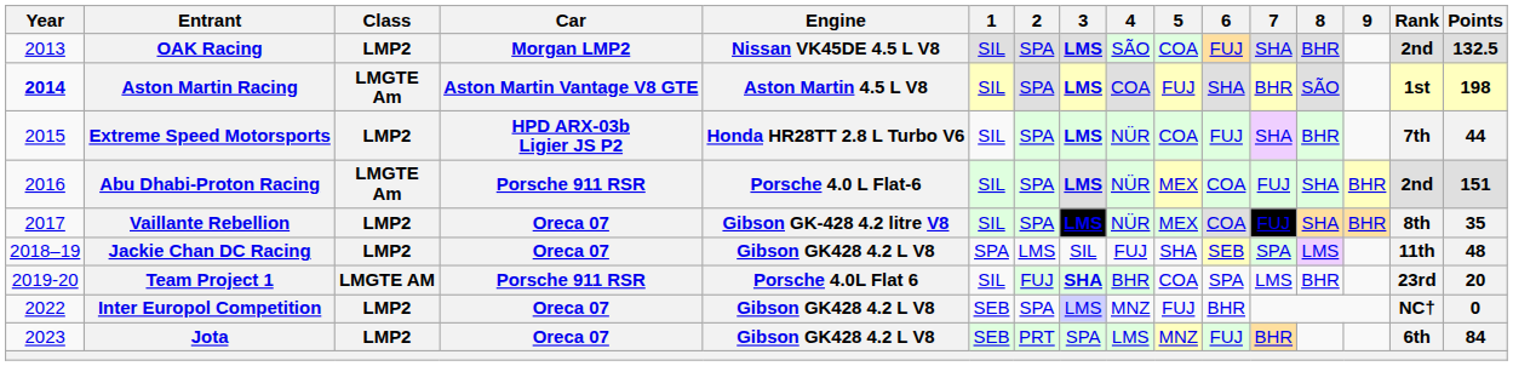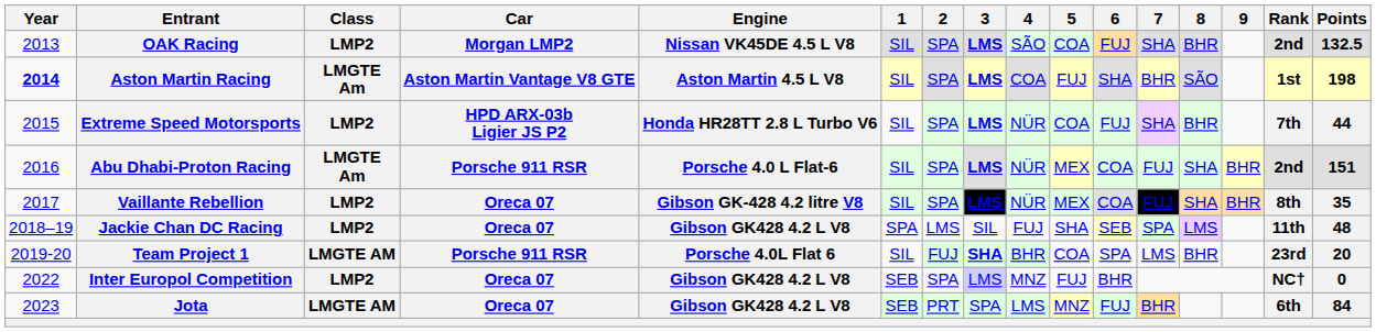 <table class="wikitable" style="text-align:center; font-size:85%">
 <tr>
 <th>Year</th>
 <th>Entrant</th>
 <th>Class</th>
 <th>Car</th>
 <th>Engine</th>
 <th>1</th>
 <th>2</th>
 <th>3</th>
 <th>4</th>
 <th>5</th>
 <th>6</th>
 <th>7</th>
 <th>8</th>
 <th>9</th>
 <th>Rank</th>
 <th>Points</th>
 </tr>
 <tr>
 <td><a href='#'>2013</a></td>
 <th nowrap><a href='#'>OAK Racing</a></th>
 <th>LMP2</th>
 <th nowrap><a href='#'>Morgan LMP2</a></th>
 <th nowrap><a href='#'>Nissan</a> VK45DE 4.5 L V8</th>
 <td style="background:#dfdfdf;"><a href='#'>SIL</a><br></td>
 <td style="background:#dfdfdf;"><a href='#'>SPA</a><br></td>
 <td style="background:#dfdfdf;"><strong><a href='#'>LMS</a></strong><br></td>
 <td style="background:#dfffdf;"><a href='#'>SÃO</a><br></td>
 <td style="background:#dfffdf;"><a href='#'>COA</a><br></td>
 <td style="background:#ffdf9f;"><a href='#'>FUJ</a><br></td>
 <td style="background:#dfdfdf;"><a href='#'>SHA</a><br></td>
 <td style="background:#dfdfdf;"><a href='#'>BHR</a><br></td>
 <td></td>
 <th style="background:#dfdfdf;"><strong>2nd</strong></th>
 <th style="background:#dfdfdf;"><strong>132.5</strong></th>
 </tr>
 <tr>
 <td><strong><a href='#'>2014</a></strong></td>
 <th nowrap><a href='#'>Aston Martin Racing</a></th>
 <th>LMGTE<br>Am</th>
 <th nowrap><a href='#'>Aston Martin Vantage V8 GTE</a></th>
 <th nowrap><a href='#'>Aston Martin</a> 4.5 L V8</th>
 <td style="background:#FFFFBF;"><a href='#'>SIL</a><br></td>
 <td style="background:#dfdfdf;"><a href='#'>SPA</a><br></td>
 <td style="background:#FFFFBF;"><strong><a href='#'>LMS</a></strong><br></td>
 <td style="background:#dfdfdf;"><a href='#'>COA</a><br></td>
 <td style="background:#FFFFBF;"><a href='#'>FUJ</a><br></td>
 <td style="background:#dfdfdf;"><a href='#'>SHA</a><br></td>
 <td style="background:#FFFFBF;"><a href='#'>BHR</a><br></td>
 <td style="background:#dfdfdf;"><a href='#'>SÃO</a><br></td>
 <td></td>
 <th style="background:#FFFFBF;"><strong>1st</strong></th>
 <th style="background:#FFFFBF;"><strong>198</strong></th>
 </tr>
 <tr>
 <td><a href='#'>2015</a></td>
 <th nowrap><a href='#'>Extreme Speed Motorsports</a></th>
 <th>LMP2</th>
 <th nowrap><a href='#'>HPD ARX-03b</a><br><a href='#'>Ligier JS P2</a></th>
 <th nowrap><a href='#'>Honda</a> HR28TT 2.8 L Turbo V6</th>
 <td><a href='#'>SIL</a></td>
 <td style="background:#DFFFDF;"><a href='#'>SPA</a><br></td>
 <td style="background:#DFFFDF;"><strong><a href='#'>LMS</a></strong><br></td>
 <td style="background:#DFFFDF;"><a href='#'>NÜR</a><br></td>
 <td style="background:#DFFFDF;"><a href='#'>COA</a><br></td>
 <td style="background:#DFFFDF;"><a href='#'>FUJ</a><br></td>
 <td style="background:#EFCFFF;"><a href='#'>SHA</a><br></td>
 <td style="background:#DFFFDF;"><a href='#'>BHR</a><br></td>
 <td></td>
 <th>7th</th>
 <th>44</th>
 </tr>
 <tr>
 <td><a href='#'>2016</a></td>
 <th nowrap><a href='#'>Abu Dhabi-Proton Racing</a></th>
 <th>LMGTE<br>Am</th>
 <th nowrap><a href='#'>Porsche 911 RSR</a></th>
 <th nowrap><a href='#'>Porsche</a> 4.0 L Flat-6</th>
 <td style="background:#DFFFDF;"><a href='#'>SIL</a><br></td>
 <td style="background:#DFFFDF;"><a href='#'>SPA</a><br></td>
 <td style="background:#dfdfdf;"><strong><a href='#'>LMS</a></strong><br></td>
 <td style="background:#DFFFDF;"><a href='#'>NÜR</a><br></td>
 <td style="background:#FFFFBF;"><a href='#'>MEX</a><br></td>
 <td style="background:#DFFFDF;"><a href='#'>COA</a><br></td>
 <td style="background:#DFFFDF;"><a href='#'>FUJ</a><br></td>
 <td style="background:#DFFFDF;"><a href='#'>SHA</a><br></td>
 <td style="background:#FFFFBF;"><a href='#'>BHR</a><br></td>
 <th style="background:#dfdfdf;">2nd</th>
 <th style="background:#dfdfdf;">151</th>
 </tr>
 <tr>
 <td><a href='#'>2017</a></td>
 <th nowrap><a href='#'>Vaillante Rebellion</a></th>
 <th>LMP2</th>
 <th nowrap><a href='#'>Oreca 07</a></th>
 <th nowrap><a href='#'>Gibson</a> GK-428 4.2 litre <a href='#'>V8</a></th>
 <td style="background:#DFFFDF;"><a href='#'>SIL</a><br></td>
 <td style="background:#DFFFDF;"><a href='#'>SPA</a><br></td>
 <td style="background:#000000; color:white"><strong><a href='#'><span>LMS</span></a></strong><br></td>
 <td style="background:#DFFFDF;"><a href='#'>NÜR</a><br></td>
 <td style="background:#DFFFDF;"><a href='#'>MEX</a><br></td>
 <td style="background:#dfdfdf;"><a href='#'>COA</a><br></td>
 <td style="background:#000000; color:white"><a href='#'><span>FUJ</span></a><br></td>
 <td style="background:#ffdf9f;"><a href='#'>SHA</a><br></td>
 <td style="background:#ffdf9f;"><a href='#'>BHR</a><br></td>
 <th>8th</th>
 <th>35</th>
 </tr>
 <tr>
 <td nowrap><a href='#'>2018–19</a></td>
 <th nowrap><a href='#'>Jackie Chan DC Racing</a></th>
 <th>LMP2</th>
 <th nowrap><a href='#'>Oreca 07</a></th>
 <th nowrap><a href='#'>Gibson</a> GK428 4.2 L V8</th>
 <td><a href='#'>SPA</a></td>
 <td><a href='#'>LMS</a></td>
 <td><a href='#'>SIL</a></td>
 <td><a href='#'>FUJ</a></td>
 <td><a href='#'>SHA</a></td>
 <td style="background:#FFFFBF;"><a href='#'>SEB</a><br></td>
 <td style="background:#DFFFDF;"><a href='#'>SPA</a><br></td>
 <td style="background:#EFCFFF;"><a href='#'>LMS</a><br></td>
 <td></td>
 <th>11th</th>
 <th>48</th>
 </tr>
 <tr>
 <td nowrap><a href='#'>2019-20</a></td>
 <th nowrap><a href='#'>Team Project 1</a></th>
 <th nowrap>LMGTE AM</th>
 <th nowrap><a href='#'>Porsche 911 RSR</a></th>
 <th nowrap><a href='#'>Porsche</a> 4.0L Flat 6</th>
 <td><a href='#'>SIL</a></td>
 <td style="background:#DFFFDF;"><a href='#'>FUJ</a><br></td>
 <td style="background:#DFFFDF;"><strong><a href='#'>SHA</a></strong><br></td>
 <td style="background:#DFFFDF;"><a href='#'>BHR</a><br></td>
 <td><a href='#'>COA</a></td>
 <td><a href='#'>SPA</a></td>
 <td><a href='#'>LMS</a></td>
 <td><a href='#'>BHR</a></td>
 <td></td>
 <th>23rd</th>
 <th>20</th>
 </tr>
 <tr>
 <td><a href='#'>2022</a></td>
 <th nowrap><a href='#'>Inter Europol Competition</a></th>
 <th>LMP2</th>
 <th nowrap><a href='#'>Oreca 07</a></th>
 <th nowrap><a href='#'>Gibson</a> GK428 4.2 L V8</th>
 <td><a href='#'>SEB</a></td>
 <td><a href='#'>SPA</a></td>
 <td style="background:#CFCFFF;"><a href='#'>LMS</a><br></td>
 <td style="background:#;"><a href='#'>MNZ</a><br></td>
 <td style="background:#;"><a href='#'>FUJ</a><br></td>
 <td style="background:#;"><a href='#'>BHR</a><br></td>
 <td colspan=3></td>
 <th>NC†</th>
 <th>0</th>
 </tr>
 <tr>
 <td><a href='#'>2023</a></td>
 <th nowrap><a href='#'>Jota</a></th>
-<th>LMP2</th>
+<th nowrap>LMGTE AM</th>
 <th nowrap><a href='#'>Oreca 07</a></th>
 <th nowrap><a href='#'>Gibson</a> GK428 4.2 L V8</th>
 <td style="background:#DFFFDF;"><a href='#'>SEB</a><br></td>
 <td style="background:#DFFFDF;"><a href='#'>PRT</a><br></td>
 <td style="background:#DFFFDF;"><a href='#'>SPA</a><br></td>
 <td style="background:#DFFFDF;"><a href='#'>LMS</a><br></td>
 <td style="background:#FFFFBF;"><a href='#'>MNZ</a><br></td>
 <td style="background:#DFFFDF;"><a href='#'>FUJ</a><br></td>
 <td style="background:#FFDF9F;"><a href='#'>BHR</a><br></td>
 <td></td>
 <td></td>
 <th>6th</th>
 <th>84</th>
 </tr>
 <tr>
 <th colspan="16"></th>
 </tr>
 </table>
